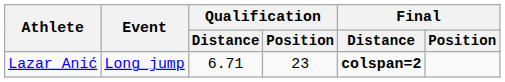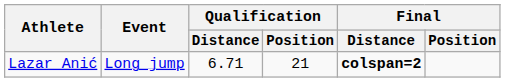 <table class=wikitable style="font-size:90%">
 <tr>
 <th rowspan="2">Athlete</th>
 <th rowspan="2">Event</th>
 <th colspan="2">Qualification</th>
 <th colspan="2">Final</th>
 </tr>
 <tr style="font-size:95%">
 <th>Distance</th>
 <th>Position</th>
 <th>Distance</th>
 <th>Position</th>
 </tr>
 <tr style=text-align:center>
 <td style=text-align:left><a href='#'>Lazar Anić</a></td>
 <td style=text-align:left><a href='#'>Long jump</a></td>
 <td>6.71</td>
-<td>23</td>
+<td>21</td>
 <td><strong>colspan=2 </strong></td>
 </tr>
 </table>
